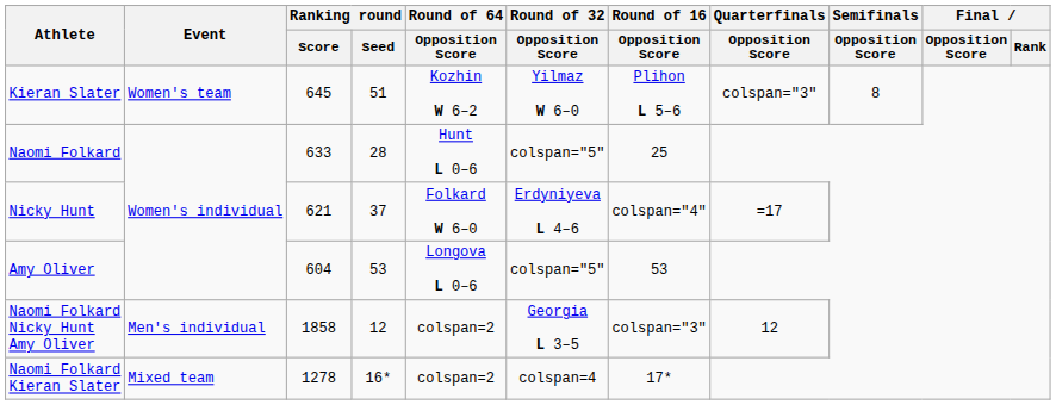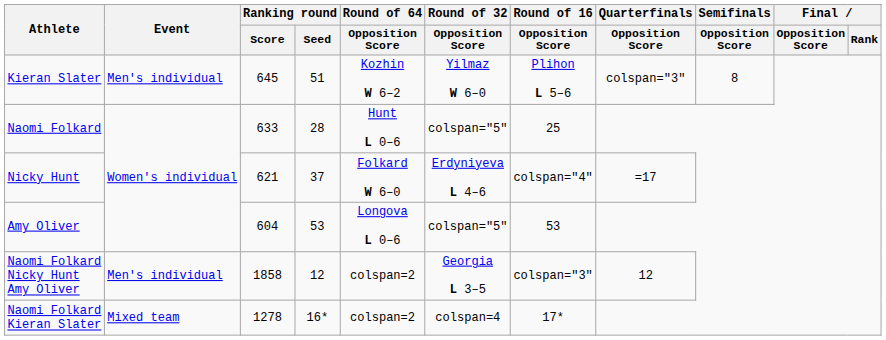 <table class="wikitable" style="font-size:90%">
 <tr>
 <th rowspan=2>Athlete</th>
 <th rowspan=2>Event</th>
 <th colspan=2>Ranking round</th>
 <th>Round of 64</th>
 <th>Round of 32</th>
 <th>Round of 16</th>
 <th>Quarterfinals</th>
 <th>Semifinals</th>
 <th colspan=2>Final / </th>
 </tr>
 <tr style="font-size:95%">
 <th>Score</th>
 <th>Seed</th>
 <th>Opposition<br>Score</th>
 <th>Opposition<br>Score</th>
 <th>Opposition<br>Score</th>
 <th>Opposition<br>Score</th>
 <th>Opposition<br>Score</th>
 <th>Opposition<br>Score</th>
 <th>Rank</th>
 </tr>
 <tr align=center>
 <td align=left><a href='#'>Kieran Slater</a></td>
-<td align=left><a href='#'>Women's team</a></td>
+<td align=left><a href='#'>Men's individual</a></td>
 <td>645</td>
 <td>51</td>
 <td><a href='#'>Kozhin</a><br><br> <strong>W</strong> 6–2</td>
 <td><a href='#'>Yilmaz</a><br><br> <strong>W</strong> 6–0</td>
 <td><a href='#'>Plihon</a><br><br> <strong>L</strong> 5–6</td>
 <td>colspan="3" </td>
 <td>8</td>
 </tr>
 <tr align=center>
 <td align=left><a href='#'>Naomi Folkard</a></td>
 <td style="text-align:left;" rowspan="3"><a href='#'>Women's individual</a></td>
 <td>633</td>
 <td>28</td>
 <td><a href='#'>Hunt</a><br><br> <strong>L</strong> 0–6</td>
 <td>colspan="5" </td>
 <td>25</td>
 </tr>
 <tr align=center>
 <td align=left><a href='#'>Nicky Hunt</a></td>
 <td>621</td>
 <td>37</td>
 <td><a href='#'>Folkard</a><br><br> <strong>W</strong> 6–0</td>
 <td><a href='#'>Erdyniyeva</a><br><br> <strong>L</strong> 4–6</td>
 <td>colspan="4" </td>
 <td>=17</td>
 </tr>
 <tr align=center>
 <td align=left><a href='#'>Amy Oliver</a></td>
 <td>604</td>
 <td>53</td>
 <td><a href='#'>Longova</a><br><br><strong>L</strong> 0–6</td>
 <td>colspan="5" </td>
 <td>53</td>
 </tr>
 <tr align=center>
 <td align=left><a href='#'>Naomi Folkard</a><br><a href='#'>Nicky Hunt</a><br><a href='#'>Amy Oliver</a></td>
 <td align=left><a href='#'>Men's individual</a></td>
 <td>1858</td>
 <td>12</td>
 <td>colspan=2 </td>
 <td><a href='#'>Georgia</a><br><br> <strong>L</strong> 3–5</td>
 <td>colspan="3" </td>
 <td>12</td>
 </tr>
 <tr align=center>
 <td align=left><a href='#'>Naomi Folkard</a><br><a href='#'>Kieran Slater</a></td>
 <td align=left><a href='#'>Mixed team</a></td>
 <td>1278</td>
 <td>16*</td>
 <td>colspan=2 </td>
 <td>colspan=4 </td>
 <td>17*</td>
 </tr>
 </table>
